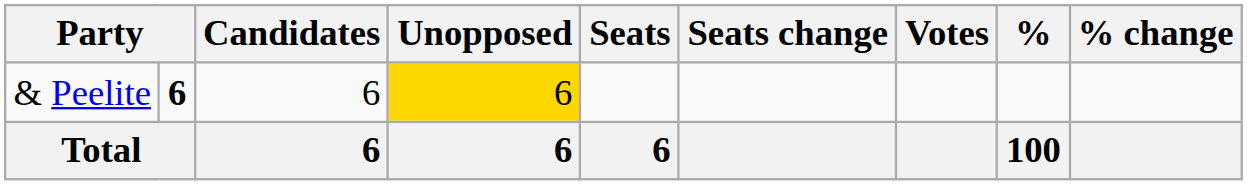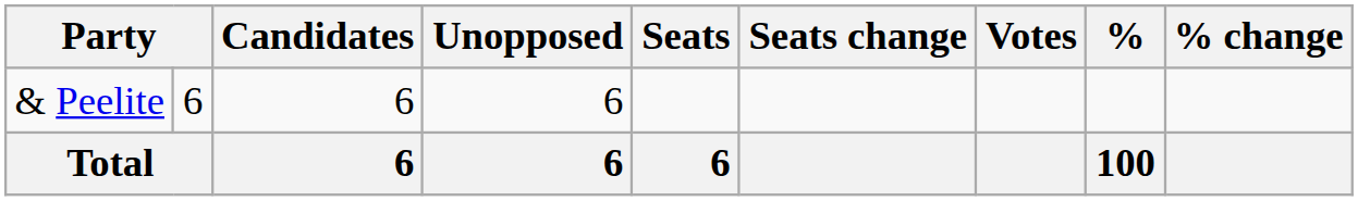 <table class="wikitable">
 <tr>
 <th colspan=2>Party</th>
 <th>Candidates</th>
 <th>Unopposed</th>
 <th>Seats</th>
 <th>Seats change</th>
 <th>Votes</th>
 <th>%</th>
 <th>% change</th>
 </tr>
 <tr>
 <td> & <a href='#'>Peelite</a></td>
-<td align=right><strong>6</strong></td>
 <td align=right>6</td>
-<td align=right style="background: gold;">6</td>
+<td align=right>6</td>
+<td align=right>6</td>
 <td align=right></td>
 <td align=right></td>
 <td align=right></td>
 <td align=right></td>
 </tr>
 <tr class="sortbottom" style="font-weight: bold; text-align: right; background: #f2f2f2;">
 <th colspan="2" style="padding-left: 1.5em; text-align: left;">Total</th>
 <td align=right>6</td>
 <td align=right>6</td>
 <td align=right>6</td>
 <td align=right></td>
 <td align=right></td>
 <td align=right>100</td>
 <td align=right></td>
 </tr>
 </table>
